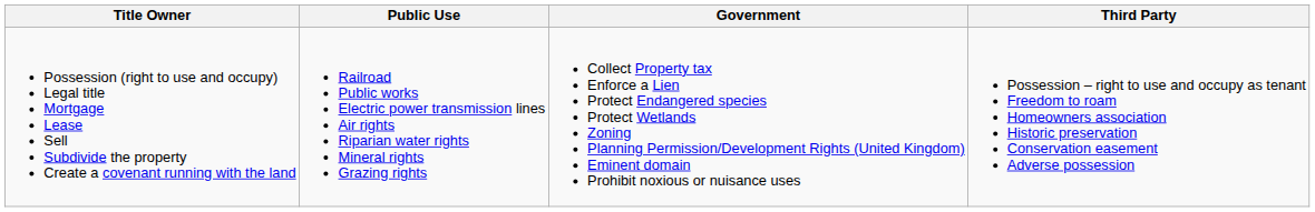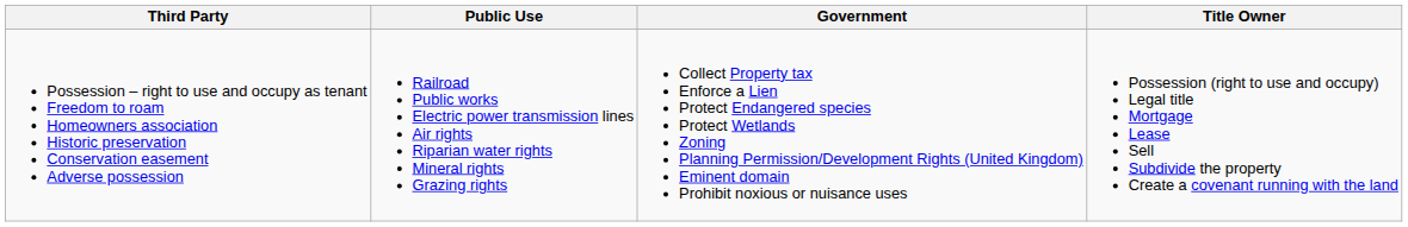 <table class="wikitable">
 <tr>
-<th>Title Owner</th>
+<th>Third Party</th>
 <th>Public Use</th>
 <th>Government</th>
-<th>Third Party</th>
+<th>Title Owner</th>
 </tr>
 <tr>
-<td><br><ul><li>Possession (right to use and occupy)</li><li>Legal title</li><li><a href='#'>Mortgage</a></li><li><a href='#'>Lease</a></li><li>Sell</li><li><a href='#'>Subdivide</a> the property</li><li>Create a <a href='#'>covenant running with the land</a></li></ul></td>
+<td><br><ul><li>Possession – right to use and occupy as tenant</li><li><a href='#'>Freedom to roam</a></li><li><a href='#'>Homeowners association</a></li><li><a href='#'>Historic preservation</a></li><li><a href='#'>Conservation easement</a></li><li><a href='#'>Adverse possession</a></li></ul></td>
 <td><br><ul><li><a href='#'>Railroad</a></li><li><a href='#'>Public works</a></li><li><a href='#'>Electric power transmission</a> lines</li><li><a href='#'>Air rights</a></li><li><a href='#'>Riparian water rights</a></li><li><a href='#'>Mineral rights</a></li><li><a href='#'>Grazing rights</a></li></ul></td>
 <td><br><ul><li>Collect <a href='#'>Property tax</a></li><li>Enforce a <a href='#'>Lien</a></li><li>Protect <a href='#'>Endangered species</a></li><li>Protect <a href='#'>Wetlands</a></li><li><a href='#'>Zoning</a></li><li><a href='#'>Planning Permission/Development Rights (United Kingdom)</a></li><li><a href='#'>Eminent domain</a></li><li>Prohibit noxious or nuisance uses</li></ul></td>
-<td><br><ul><li>Possession – right to use and occupy as tenant</li><li><a href='#'>Freedom to roam</a></li><li><a href='#'>Homeowners association</a></li><li><a href='#'>Historic preservation</a></li><li><a href='#'>Conservation easement</a></li><li><a href='#'>Adverse possession</a></li></ul></td>
+<td><br><ul><li>Possession (right to use and occupy)</li><li>Legal title</li><li><a href='#'>Mortgage</a></li><li><a href='#'>Lease</a></li><li>Sell</li><li><a href='#'>Subdivide</a> the property</li><li>Create a <a href='#'>covenant running with the land</a></li></ul></td>
 </tr>
 </table>
